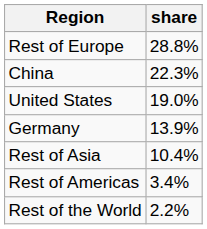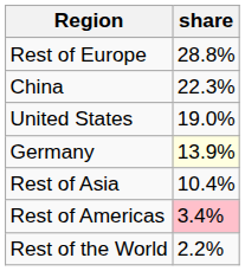 <table class="wikitable floatright">
 <tr>
 <th>Region</th>
 <th>share</th>
 </tr>
 <tr>
 <td>Rest of Europe</td>
 <td>28.8%</td>
 </tr>
 <tr>
 <td>China</td>
 <td>22.3%</td>
 </tr>
 <tr>
 <td>United States</td>
 <td>19.0%</td>
 </tr>
 <tr>
 <td>Germany</td>
-<td>13.9%</td>
+<td style="background: lightyellow;">13.9%</td>
 </tr>
 <tr>
 <td>Rest of Asia</td>
 <td>10.4%</td>
 </tr>
 <tr>
 <td>Rest of Americas</td>
-<td>3.4%</td>
+<td style="background: pink;">3.4%</td>
 </tr>
 <tr>
 <td>Rest of the World</td>
 <td>2.2%</td>
 </tr>
 </table>
